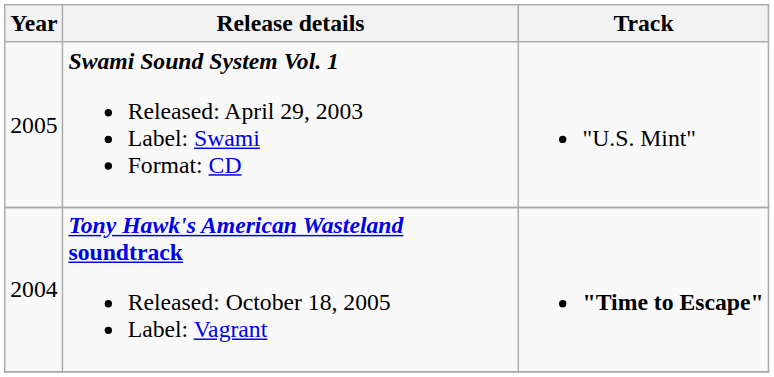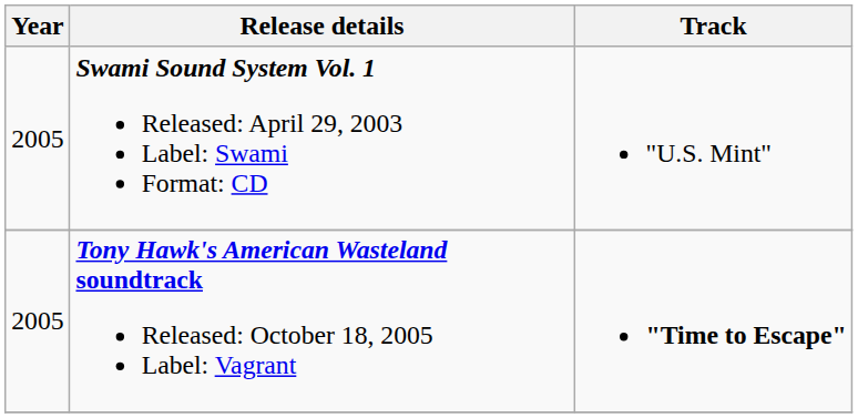 <table class ="wikitable">
 <tr>
 <th>Year</th>
 <th width="300">Release details</th>
 <th>Track</th>
 </tr>
 <tr>
 <td>2005</td>
 <td><strong><em>Swami Sound System Vol. 1</em></strong><br><ul><li>Released: April 29, 2003</li><li>Label: <a href='#'>Swami</a></li><li>Format: <a href='#'>CD</a></li></ul></td>
 <td><br><ul><li>"U.S. Mint"</li></ul></td>
 </tr>
 <tr>
 </tr>
 <tr>
-<td>2004</td>
+<td>2005</td>
 <td><strong><a href='#'><em>Tony Hawk's American Wasteland</em> soundtrack</a></strong><br><ul><li>Released: October 18, 2005</li><li>Label: <a href='#'>Vagrant</a></li></ul></td>
 <td><strong><br><ul><li>"Time to Escape"<br></li></ul></strong></td>
 </tr>
 <tr>
 </tr>
 </table>
